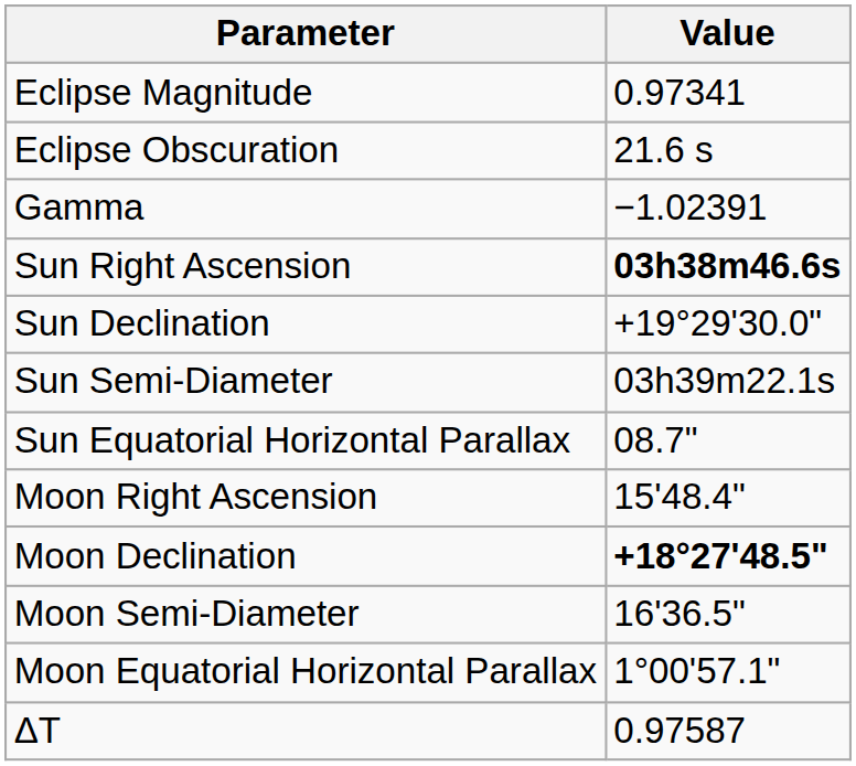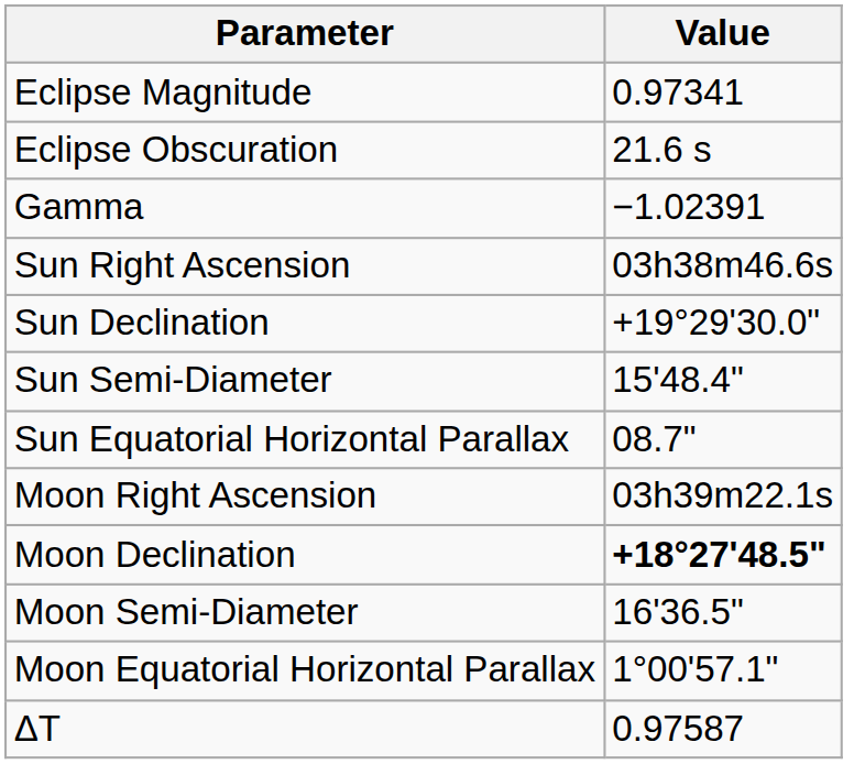 <table class="wikitable">
 <tr>
 <th>Parameter</th>
 <th>Value</th>
 </tr>
 <tr>
 <td>Eclipse Magnitude</td>
 <td>0.97341</td>
 </tr>
 <tr>
 <td>Eclipse Obscuration</td>
 <td>21.6 s</td>
 </tr>
 <tr>
 <td>Gamma</td>
 <td>−1.02391</td>
 </tr>
 <tr>
 <td>Sun Right Ascension</td>
-<td><strong>03h38m46.6s</strong></td>
+<td>03h38m46.6s</td>
 </tr>
 <tr>
 <td>Sun Declination</td>
 <td>+19°29'30.0"</td>
 </tr>
 <tr>
 <td>Sun Semi-Diameter</td>
-<td>03h39m22.1s</td>
+<td>15'48.4"</td>
 </tr>
 <tr>
 <td>Sun Equatorial Horizontal Parallax</td>
 <td>08.7"</td>
 </tr>
 <tr>
 <td>Moon Right Ascension</td>
-<td>15'48.4"</td>
+<td>03h39m22.1s</td>
 </tr>
 <tr>
 <td>Moon Declination</td>
 <td><strong>+18°27'48.5"</strong></td>
 </tr>
 <tr>
 <td>Moon Semi-Diameter</td>
 <td>16'36.5"</td>
 </tr>
 <tr>
 <td>Moon Equatorial Horizontal Parallax</td>
 <td>1°00'57.1"</td>
 </tr>
 <tr>
 <td>ΔT</td>
 <td>0.97587</td>
 </tr>
 </table>
